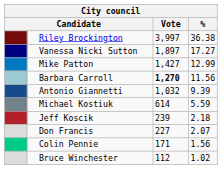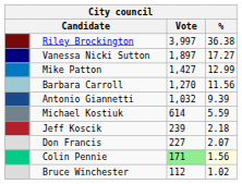 <table class="wikitable">
 <tr>
 <th colspan="4">City council</th>
 </tr>
 <tr>
 <th bgcolor="#DDDDFF" width="230px" colspan="2">Candidate</th>
 <th bgcolor="#DDDDFF" width="50px">Vote</th>
 <th bgcolor="#DDDDFF" width="30px">%</th>
 </tr>
 <tr>
 <td bgcolor=#760A0A width="30px"> </td>
 <td>  <a href='#'>Riley Brockington</a></td>
 <td>3,997</td>
 <td>36.38</td>
 </tr>
 <tr>
 <td bgcolor=#000080 width="30px"> </td>
 <td>  Vanessa Nicki Sutton</td>
 <td>1,897</td>
 <td>17.27</td>
 </tr>
 <tr>
 <td bgcolor=#0079C2 width="30px"> </td>
 <td>  Mike Patton</td>
 <td>1,427</td>
 <td>12.99</td>
 </tr>
 <tr>
 <td bgcolor=#9BCAD2 width="30px"> </td>
 <td>  Barbara Carroll</td>
-<td><strong>1,270</strong></td>
+<td>1,270</td>
 <td>11.56</td>
 </tr>
 <tr>
 <td bgcolor=#174B8C width="30px"> </td>
 <td>  Antonio Giannetti</td>
 <td>1,032</td>
 <td>9.39</td>
 </tr>
 <tr>
 <td bgcolor=#71828A width="30px"> </td>
 <td>  Michael Kostiuk</td>
 <td>614</td>
 <td>5.59</td>
 </tr>
 <tr>
 <td bgcolor=#B3202A width="30px"> </td>
 <td>  Jeff Koscik</td>
 <td>239</td>
 <td>2.18</td>
 </tr>
 <tr>
 <td bgcolor=#DCDCDC width="30px"> </td>
 <td>  Don Francis</td>
 <td>227</td>
 <td>2.07</td>
 </tr>
 <tr>
 <td bgcolor=#00CC88 width="30px"> </td>
 <td>  Colin Pennie</td>
-<td>171</td>
-<td>1.56</td>
+<td style="background: lightgreen;">171</td>
+<td style="background: lightyellow;">1.56</td>
 </tr>
 <tr>
 <td bgcolor=#DCDCDC width="30px"> </td>
 <td>  Bruce Winchester</td>
 <td>112</td>
 <td>1.02</td>
 </tr>
 </table>
